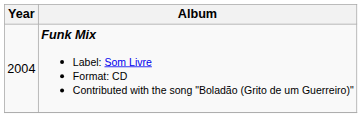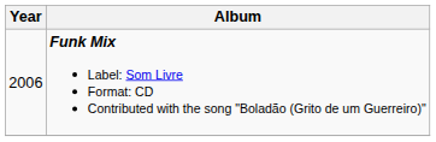 <table class="wikitable">
 <tr>
 <th>Year</th>
 <th>Album</th>
 </tr>
 <tr>
-<td>2004</td>
+<td>2006</td>
 <td><strong><em>Funk Mix</em></strong><br><ul><li><small>Label: <a href='#'>Som Livre</a></small></li><li><small>Format: CD</small></li><li><small>Contributed with the song "Boladão (Grito de um Guerreiro)"</small></li></ul></td>
 </tr>
 <tr>
 </tr>
 </table>
